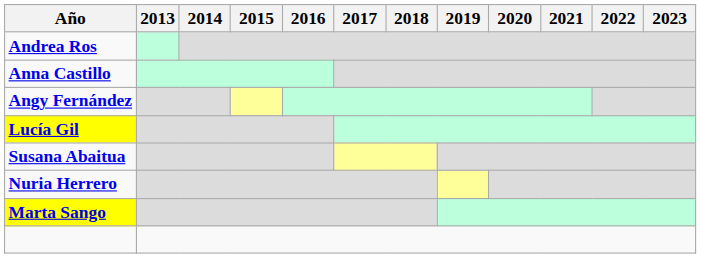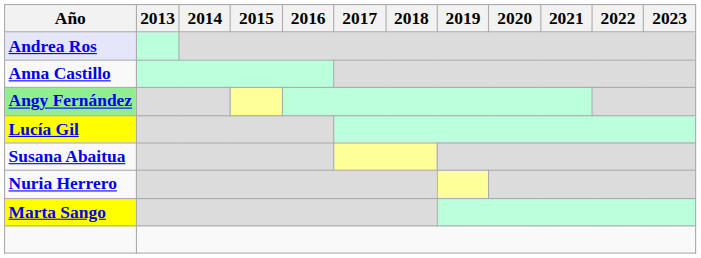 <table class="wikitable">
 <tr>
 <th colspan="">Año</th>
 <th>2013</th>
 <th width="40" !>2014</th>
 <th width="40" !>2015</th>
 <th width="40" !>2016</th>
 <th width="40" !>2017</th>
 <th width="40">2018</th>
 <th width="40">2019</th>
 <th width="40">2020</th>
 <th width="40">2021</th>
 <th width="40">2022</th>
 <th width="40">2023</th>
 </tr>
 <tr>
-<td><strong><a href='#'>Andrea Ros</a></strong></td>
+<td style="background: lavender;"><strong><a href='#'>Andrea Ros</a></strong></td>
 <td colspan="1" bgcolor="#bfd"></td>
 <td colspan="10" bgcolor="#DCDCDC"></td>
 </tr>
 <tr>
 <td><strong><a href='#'>Anna Castillo</a></strong></td>
 <td colspan="4" bgcolor="#bfd"></td>
 <td colspan="7" bgcolor="#DCDCDC"></td>
 </tr>
 <tr>
-<td><strong><a href='#'>Angy Fernández</a></strong></td>
+<td style="background: lightgreen;"><strong><a href='#'>Angy Fernández</a></strong></td>
 <td colspan="2" bgcolor="#DCDCDC"></td>
 <td colspan="1" bgcolor="#FF9"></td>
 <td colspan="6" bgcolor="#bfd"></td>
 <td colspan="2" bgcolor="#DCDCDC"></td>
 </tr>
 <tr>
 <td colspan="1" bgcolor="yellow"><strong><a href='#'>Lucía Gil</a></strong></td>
 <td colspan="4" bgcolor="#DCDCDC"></td>
 <td colspan="7" bgcolor="#bfd"></td>
 </tr>
 <tr>
 <td><strong><a href='#'>Susana Abaitua</a></strong></td>
 <td colspan="4" bgcolor="#DCDCDC"></td>
 <td colspan="2" bgcolor="#FF9"></td>
 <td colspan="5" bgcolor="#DCDCDC"></td>
 </tr>
 <tr>
 <td><strong><a href='#'>Nuria Herrero</a></strong></td>
 <td colspan="6" bgcolor="#DCDCDC"></td>
 <td colspan="1" bgcolor="#FF9"></td>
 <td colspan="4" bgcolor="#DCDCDC"></td>
 </tr>
 <tr>
 <td colspan="1" bgcolor="yellow"><strong><a href='#'>Marta Sango</a></strong></td>
 <td colspan="6" bgcolor="#DCDCDC"></td>
 <td colspan="5" bgcolor="#bfd"></td>
 </tr>
 <tr>
 <td><br></td>
 </tr>
 </table>
